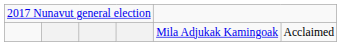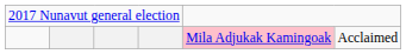 <table class="wikitable">
 <tr>
 <td colspan=4 align=center><a href='#'>2017 Nunavut general election</a></td>
 </tr>
 <tr>
 <td></td>
 <th></th>
 <th></th>
 <th><br></th>
-<td><a href='#'>Mila Adjukak Kamingoak</a></td>
+<td style="background: pink;"><a href='#'>Mila Adjukak Kamingoak</a></td>
 <td colspan="2" align=center>Acclaimed</td>
 </tr>
 </table>
